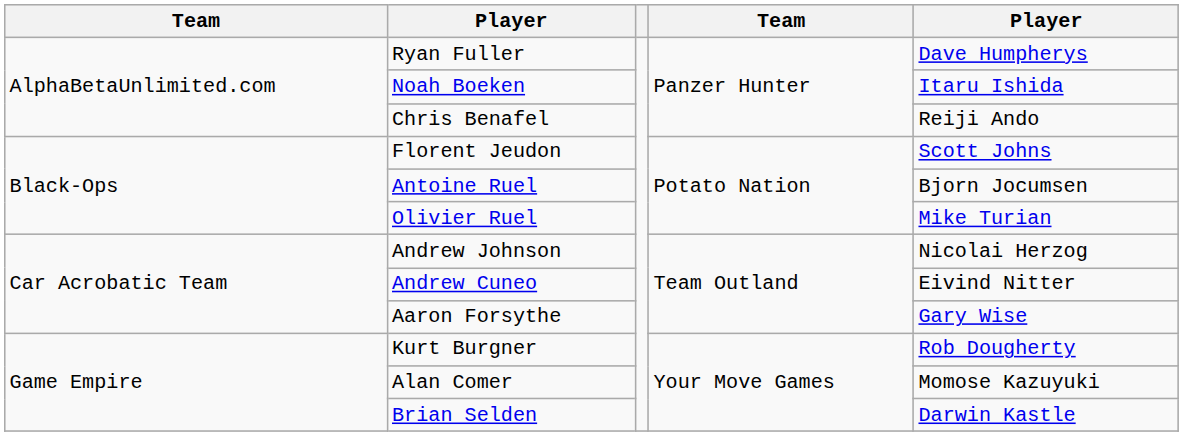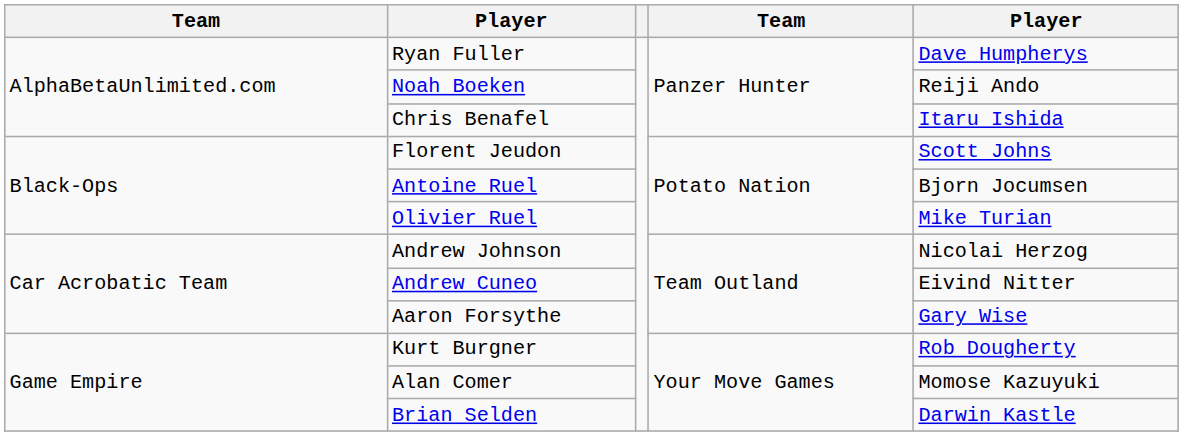 <table class="wikitable" width=60%>
 <tr>
 <th>Team</th>
 <th>Player</th>
 <th></th>
 <th>Team</th>
 <th>Player</th>
 </tr>
 <tr>
 <td rowspan=3>AlphaBetaUnlimited.com</td>
 <td> Ryan Fuller</td>
 <td rowspan=12></td>
 <td rowspan=3>Panzer Hunter</td>
 <td> <a href='#'>Dave Humpherys</a></td>
 </tr>
 <tr>
 <td> <a href='#'>Noah Boeken</a></td>
-<td> <a href='#'>Itaru Ishida</a></td>
+<td> Reiji Ando</td>
 </tr>
 <tr>
 <td> Chris Benafel</td>
-<td> Reiji Ando</td>
+<td> <a href='#'>Itaru Ishida</a></td>
 </tr>
 <tr>
 <td rowspan=3>Black-Ops</td>
 <td> Florent Jeudon</td>
 <td rowspan=3>Potato Nation</td>
 <td> <a href='#'>Scott Johns</a></td>
 </tr>
 <tr>
 <td> <a href='#'>Antoine Ruel</a></td>
 <td> Bjorn Jocumsen</td>
 </tr>
 <tr>
 <td> <a href='#'>Olivier Ruel</a></td>
 <td> <a href='#'>Mike Turian</a></td>
 </tr>
 <tr>
 <td rowspan=3>Car Acrobatic Team</td>
 <td> Andrew Johnson</td>
 <td rowspan=3>Team Outland</td>
 <td> Nicolai Herzog</td>
 </tr>
 <tr>
 <td> <a href='#'>Andrew Cuneo</a></td>
 <td> Eivind Nitter</td>
 </tr>
 <tr>
 <td> Aaron Forsythe</td>
 <td> <a href='#'>Gary Wise</a></td>
 </tr>
 <tr>
 <td rowspan=3>Game Empire</td>
 <td> Kurt Burgner</td>
 <td rowspan=3>Your Move Games</td>
 <td> <a href='#'>Rob Dougherty</a></td>
 </tr>
 <tr>
 <td> Alan Comer</td>
 <td> Momose Kazuyuki</td>
 </tr>
 <tr>
 <td> <a href='#'>Brian Selden</a></td>
 <td> <a href='#'>Darwin Kastle</a></td>
 </tr>
 </table>
